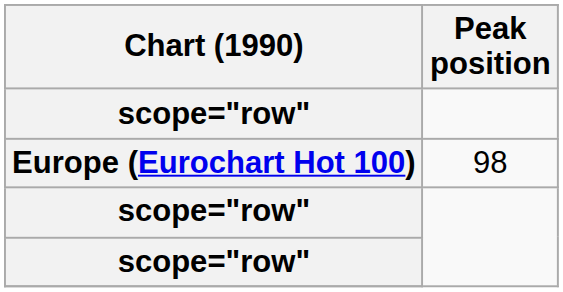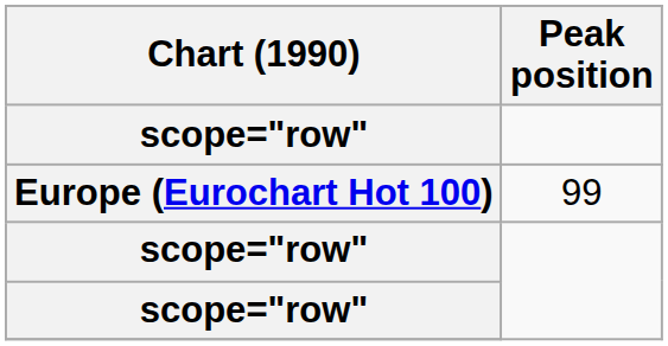 <table class="wikitable sortable plainrowheaders" style="text-align:center">
 <tr>
 <th align="left">Chart (1990)</th>
 <th align="center">Peak<br>position</th>
 </tr>
 <tr>
 <th>scope="row"</th>
 </tr>
 <tr>
 <th scope="row" align="left">Europe (<a href='#'>Eurochart Hot 100</a>)</th>
-<td align="center">98</td>
+<td align="center">99</td>
 </tr>
 <tr>
 <th>scope="row"</th>
 </tr>
 <tr>
 <th>scope="row"</th>
 </tr>
 <tr>
 </tr>
 </table>
